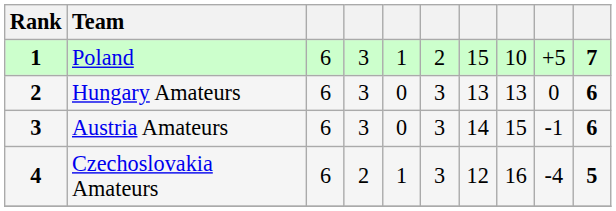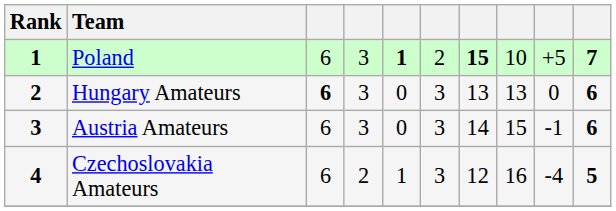 <table class="wikitable" style="text-align:center">
 <tr>
 <th width=30>Rank</th>
 <th width=165 style="text-align:left;">Team</th>
 <th width=20></th>
 <th width=20></th>
 <th width=20></th>
 <th width=20></th>
 <th width=20></th>
 <th width=20></th>
 <th width=20></th>
 <th width=20></th>
 </tr>
 <tr align=center style="background:#ccffcc;">
 <td><strong>1</strong></td>
 <td style="text-align:left;"> <a href='#'>Poland</a></td>
 <td>6</td>
 <td>3</td>
-<td>1</td>
+<td><strong>1</strong></td>
 <td>2</td>
-<td>15</td>
+<td><strong>15</strong></td>
 <td>10</td>
 <td>+5</td>
 <td><strong>7</strong></td>
 </tr>
 <tr align=center style="background:#f5f5f5;">
 <td><strong>2</strong></td>
 <td style="text-align:left;"> <a href='#'>Hungary</a> Amateurs</td>
-<td>6</td>
+<td><strong>6</strong></td>
 <td>3</td>
 <td>0</td>
 <td>3</td>
 <td>13</td>
 <td>13</td>
 <td>0</td>
 <td><strong>6</strong></td>
 </tr>
 <tr align=center style="background:#f5f5f5;">
 <td><strong>3</strong></td>
 <td style="text-align:left;"> <a href='#'>Austria</a> Amateurs</td>
 <td>6</td>
 <td>3</td>
 <td>0</td>
 <td>3</td>
 <td>14</td>
 <td>15</td>
 <td>-1</td>
 <td><strong>6</strong></td>
 </tr>
 <tr align=center style="background:#f5f5f5;">
 <td><strong>4</strong></td>
 <td style="text-align:left;"> <a href='#'>Czechoslovakia</a> Amateurs</td>
 <td>6</td>
 <td>2</td>
 <td>1</td>
 <td>3</td>
 <td>12</td>
 <td>16</td>
 <td>-4</td>
 <td><strong>5</strong></td>
 </tr>
 <tr align=center style="background:#f5f5f5;">
 </tr>
 </table>
